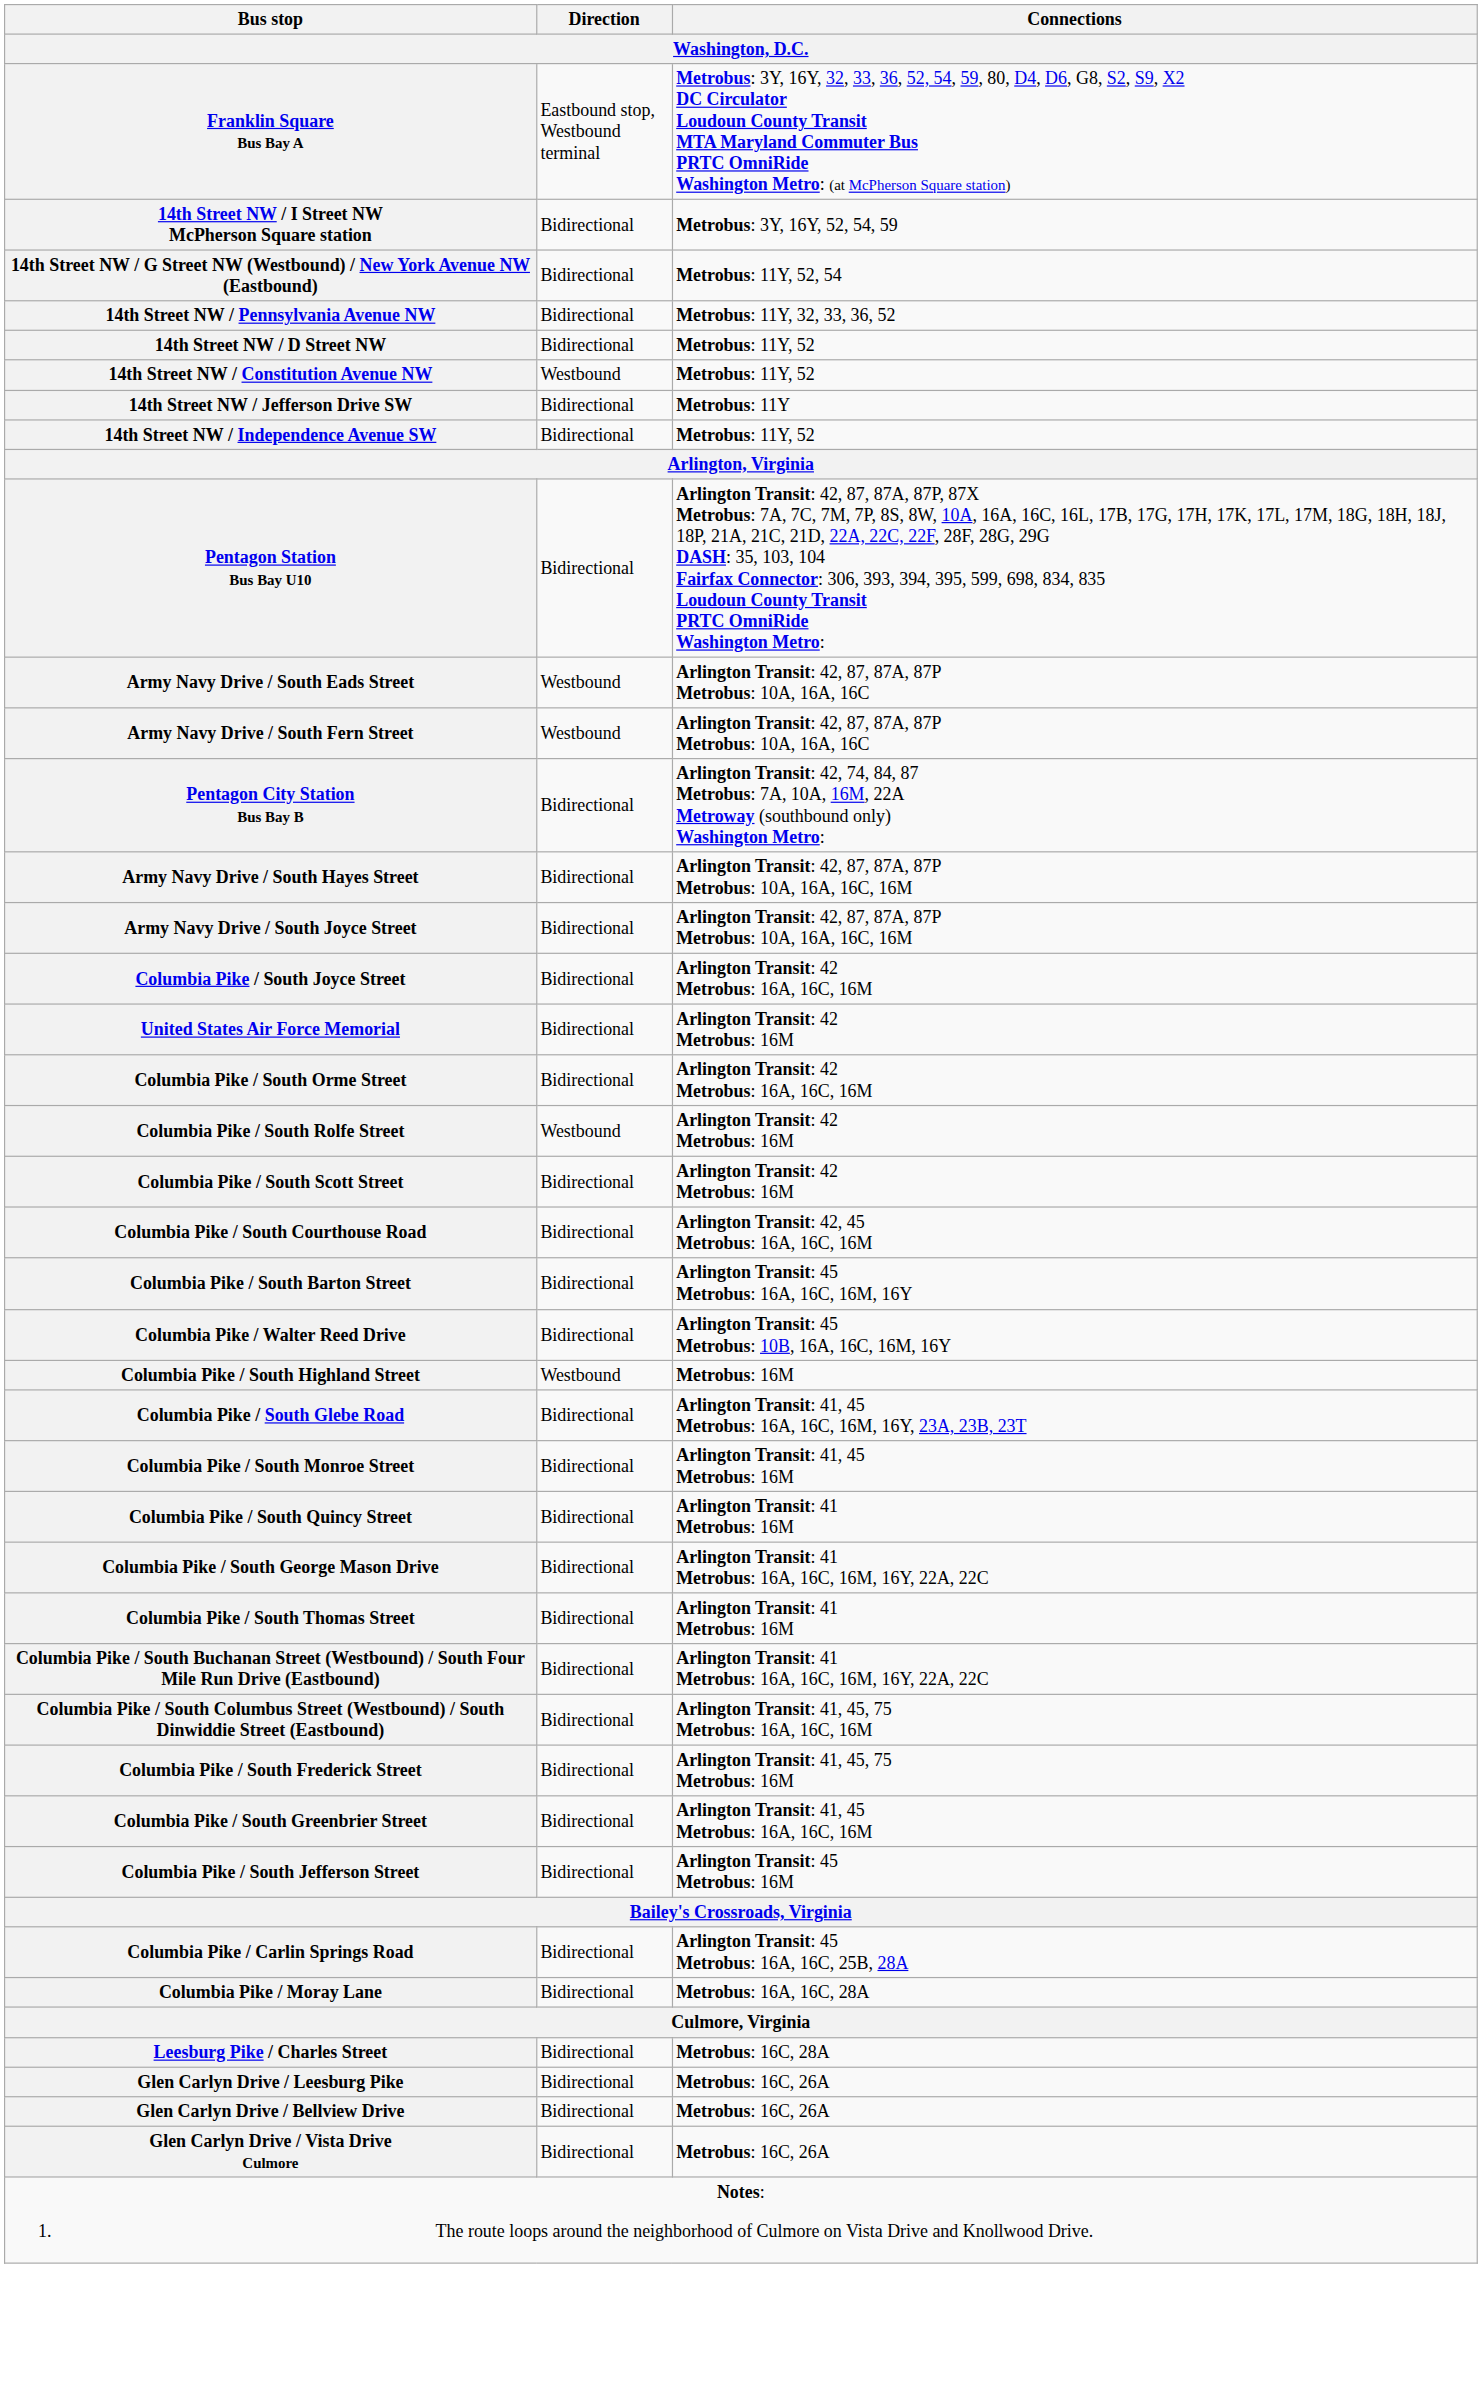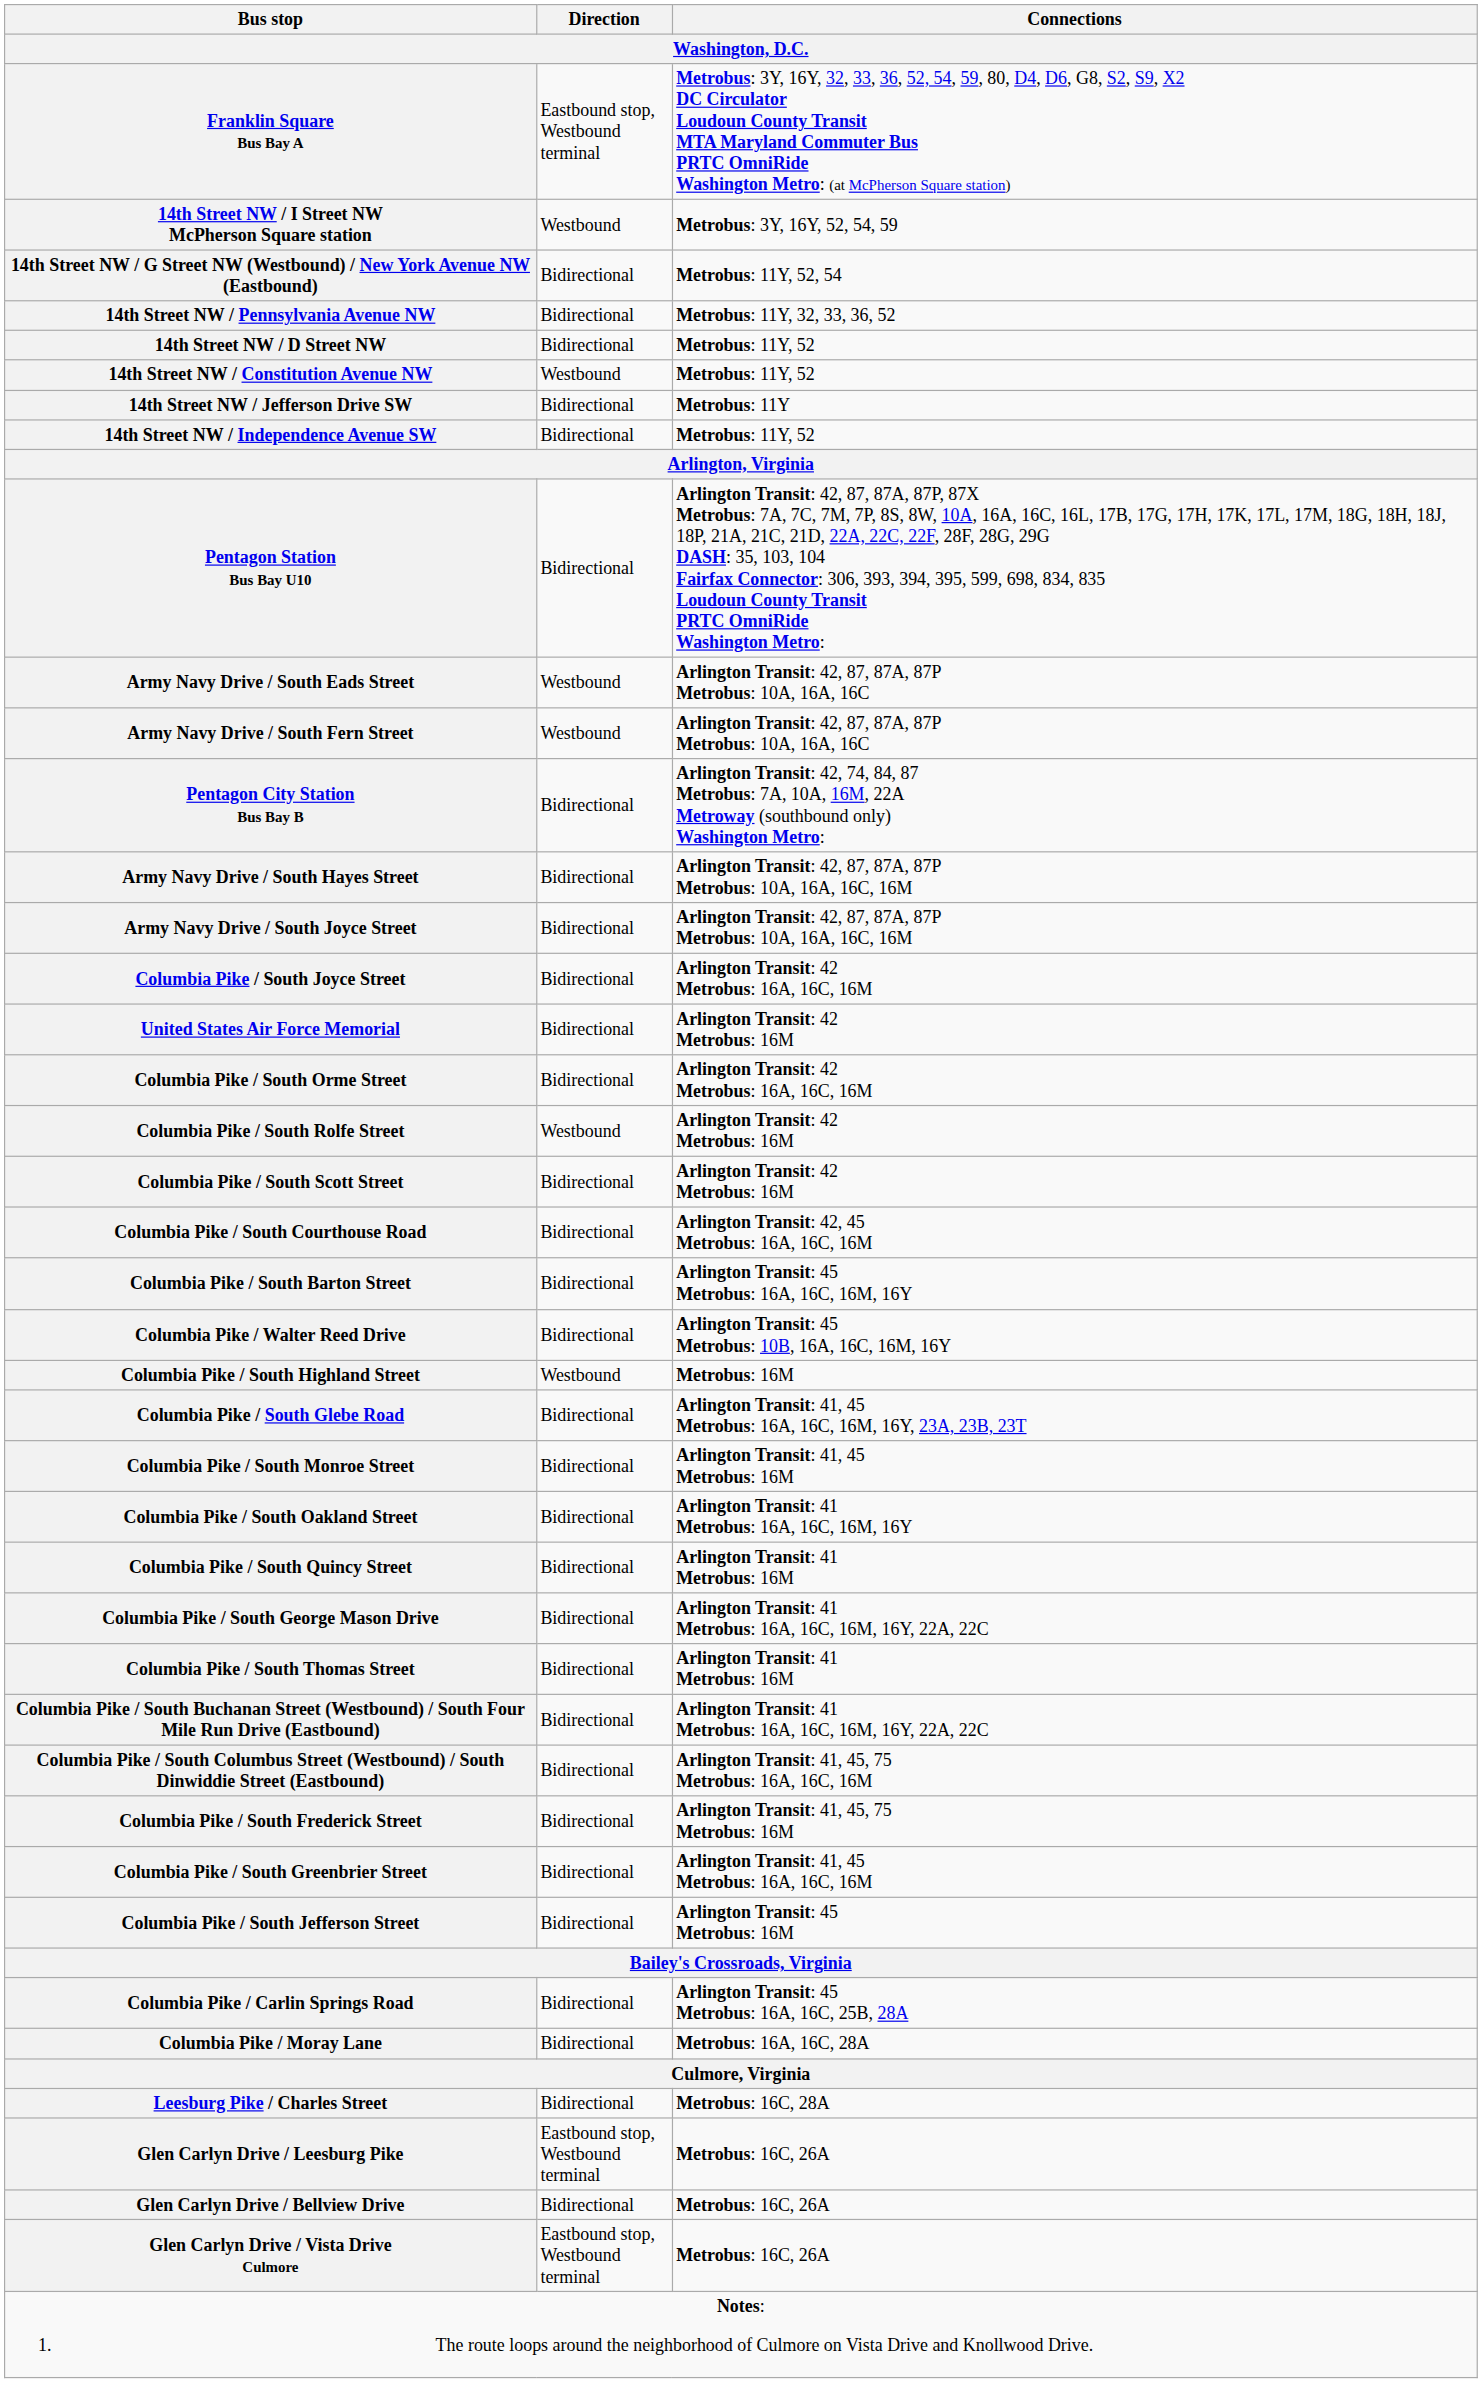 <table class="wikitable collapsible collapsed" style="font-size: 95%;">
 <tr>
 <th>Bus stop</th>
 <th>Direction</th>
 <th>Connections</th>
 </tr>
 <tr>
 <th colspan="3"><a href='#'>Washington, D.C.</a></th>
 </tr>
 <tr>
 <th><a href='#'>Franklin Square</a><br><small>Bus Bay A</small></th>
 <td>Eastbound stop,<br>Westbound terminal</td>
 <td> <strong><a href='#'>Metrobus</a></strong>: 3Y, 16Y, <a href='#'>32</a>, <a href='#'>33</a>, <a href='#'>36</a>, <a href='#'>52, 54</a>, <a href='#'>59</a>, 80, <a href='#'>D4</a>, <a href='#'>D6</a>, G8, <a href='#'>S2</a>, <a href='#'>S9</a>, <a href='#'>X2</a><br>  <strong><a href='#'>DC Circulator</a></strong><br>  <strong><a href='#'>Loudoun County Transit</a></strong><br>  <strong><a href='#'>MTA Maryland Commuter Bus</a></strong><br>  <strong><a href='#'>PRTC OmniRide</a></strong><br> <strong><a href='#'>Washington Metro</a></strong>:    <small>(at <a href='#'>McPherson Square station</a>)</small><br></td>
 </tr>
 <tr>
 <th><a href='#'>14th Street NW</a> / I Street NW<br>McPherson Square station</th>
-<td>Bidirectional</td>
+<td>Westbound</td>
 <td> <strong>Metrobus</strong>: 3Y, 16Y, 52, 54, 59</td>
 </tr>
 <tr>
 <th>14th Street NW / G Street NW (Westbound) / <a href='#'>New York Avenue NW</a> (Eastbound)</th>
 <td>Bidirectional</td>
 <td> <strong>Metrobus</strong>: 11Y, 52, 54</td>
 </tr>
 <tr>
 <th>14th Street NW / <a href='#'>Pennsylvania Avenue NW</a></th>
 <td>Bidirectional</td>
 <td> <strong>Metrobus</strong>: 11Y, 32, 33, 36, 52</td>
 </tr>
 <tr>
 <th>14th Street NW / D Street NW</th>
 <td>Bidirectional</td>
 <td> <strong>Metrobus</strong>: 11Y, 52</td>
 </tr>
 <tr>
 <th>14th Street NW / <a href='#'>Constitution Avenue NW</a></th>
 <td>Westbound</td>
 <td> <strong>Metrobus</strong>: 11Y, 52</td>
 </tr>
 <tr>
 <th>14th Street NW / Jefferson Drive SW</th>
 <td>Bidirectional</td>
 <td> <strong>Metrobus</strong>: 11Y</td>
 </tr>
 <tr>
 <th>14th Street NW / <a href='#'>Independence Avenue SW</a></th>
 <td>Bidirectional</td>
 <td> <strong>Metrobus</strong>: 11Y, 52</td>
 </tr>
 <tr>
 <th colspan="3"><a href='#'>Arlington, Virginia</a></th>
 </tr>
 <tr>
 <th><a href='#'>Pentagon Station</a><br><small>Bus Bay U10</small></th>
 <td>Bidirectional</td>
 <td> <strong>Arlington Transit</strong>: 42, 87, 87A, 87P, 87X<br> <strong>Metrobus</strong>: 7A, 7C, 7M, 7P, 8S, 8W, <a href='#'>10A</a>, 16A, 16C, 16L, 17B, 17G, 17H, 17K, 17L, 17M, 18G, 18H, 18J, 18P, 21A, 21C, 21D, <a href='#'>22A, 22C, 22F</a>, 28F, 28G, 29G<br> <strong><a href='#'>DASH</a></strong>: 35, 103, 104<br> <strong><a href='#'>Fairfax Connector</a></strong>: 306, 393, 394, 395, 599, 698, 834, 835<br> <strong><a href='#'>Loudoun County Transit</a></strong><br> <strong><a href='#'>PRTC OmniRide</a></strong><br> <strong><a href='#'>Washington Metro</a></strong>:  </td>
 </tr>
 <tr>
 <th>Army Navy Drive / South Eads Street</th>
 <td>Westbound</td>
 <td> <strong>Arlington Transit</strong>: 42, 87, 87A, 87P<br> <strong>Metrobus</strong>: 10A, 16A, 16C</td>
 </tr>
 <tr>
 <th>Army Navy Drive / South Fern Street</th>
 <td>Westbound</td>
 <td> <strong>Arlington Transit</strong>: 42, 87, 87A, 87P<br> <strong>Metrobus</strong>: 10A, 16A, 16C</td>
 </tr>
 <tr>
 <th><a href='#'>Pentagon City Station</a><br><small>Bus Bay B</small></th>
 <td>Bidirectional</td>
 <td> <strong>Arlington Transit</strong>: 42, 74, 84, 87<br> <strong>Metrobus</strong>: 7A, 10A, <a href='#'>16M</a>, 22A<br> <strong><a href='#'>Metroway</a></strong> (southbound only)<br> <strong><a href='#'>Washington Metro</a></strong>:  </td>
 </tr>
 <tr>
 <th>Army Navy Drive / South Hayes Street</th>
 <td>Bidirectional</td>
 <td> <strong>Arlington Transit</strong>: 42, 87, 87A, 87P<br> <strong>Metrobus</strong>: 10A, 16A, 16C, 16M</td>
 </tr>
 <tr>
 <th>Army Navy Drive / South Joyce Street</th>
 <td>Bidirectional</td>
 <td> <strong>Arlington Transit</strong>: 42, 87, 87A, 87P<br> <strong>Metrobus</strong>: 10A, 16A, 16C, 16M</td>
 </tr>
 <tr>
 <th><a href='#'>Columbia Pike</a> / South Joyce Street</th>
 <td>Bidirectional</td>
 <td> <strong>Arlington Transit</strong>: 42<br> <strong>Metrobus</strong>: 16A, 16C, 16M</td>
 </tr>
 <tr>
 <th><a href='#'>United States Air Force Memorial</a></th>
 <td>Bidirectional</td>
 <td> <strong>Arlington Transit</strong>: 42<br> <strong>Metrobus</strong>: 16M</td>
 </tr>
 <tr>
 <th>Columbia Pike / South Orme Street</th>
 <td>Bidirectional</td>
 <td> <strong>Arlington Transit</strong>: 42<br> <strong>Metrobus</strong>: 16A, 16C, 16M</td>
 </tr>
 <tr>
 <th>Columbia Pike / South Rolfe Street</th>
 <td>Westbound</td>
 <td> <strong>Arlington Transit</strong>: 42<br> <strong>Metrobus</strong>: 16M</td>
 </tr>
 <tr>
 <th>Columbia Pike / South Scott Street</th>
 <td>Bidirectional</td>
 <td> <strong>Arlington Transit</strong>: 42<br> <strong>Metrobus</strong>: 16M</td>
 </tr>
 <tr>
 <th>Columbia Pike / South Courthouse Road</th>
 <td>Bidirectional</td>
 <td> <strong>Arlington Transit</strong>: 42, 45<br> <strong>Metrobus</strong>: 16A, 16C, 16M</td>
 </tr>
 <tr>
 <th>Columbia Pike / South Barton Street</th>
 <td>Bidirectional</td>
 <td> <strong>Arlington Transit</strong>: 45<br> <strong>Metrobus</strong>: 16A, 16C, 16M, 16Y</td>
 </tr>
 <tr>
 <th>Columbia Pike / Walter Reed Drive</th>
 <td>Bidirectional</td>
 <td> <strong>Arlington Transit</strong>: 45<br> <strong>Metrobus</strong>: <a href='#'>10B</a>, 16A, 16C, 16M, 16Y</td>
 </tr>
 <tr>
 <th>Columbia Pike / South Highland Street</th>
 <td>Westbound</td>
 <td> <strong>Metrobus</strong>: 16M</td>
 </tr>
 <tr>
 <th>Columbia Pike / <a href='#'>South Glebe Road</a></th>
 <td>Bidirectional</td>
 <td> <strong>Arlington Transit</strong>: 41, 45<br> <strong>Metrobus</strong>: 16A, 16C, 16M, 16Y, <a href='#'>23A, 23B, 23T</a></td>
 </tr>
 <tr>
 <th>Columbia Pike / South Monroe Street</th>
 <td>Bidirectional</td>
 <td> <strong>Arlington Transit</strong>: 41, 45<br> <strong>Metrobus</strong>: 16M</td>
 </tr>
 <tr>
+<th>Columbia Pike / South Oakland Street</th>
+<td>Bidirectional</td>
+<td> <strong>Arlington Transit</strong>: 41<br> <strong>Metrobus</strong>: 16A, 16C, 16M, 16Y</td>
+</tr>
+<tr>
 <th>Columbia Pike / South Quincy Street</th>
 <td>Bidirectional</td>
 <td> <strong>Arlington Transit</strong>: 41<br> <strong>Metrobus</strong>: 16M</td>
 </tr>
 <tr>
 <th>Columbia Pike / South George Mason Drive</th>
 <td>Bidirectional</td>
 <td> <strong>Arlington Transit</strong>: 41<br> <strong>Metrobus</strong>: 16A, 16C, 16M, 16Y, 22A, 22C</td>
 </tr>
 <tr>
 <th>Columbia Pike / South Thomas Street</th>
 <td>Bidirectional</td>
 <td> <strong>Arlington Transit</strong>: 41<br> <strong>Metrobus</strong>: 16M</td>
 </tr>
 <tr>
 <th>Columbia Pike / South Buchanan Street (Westbound) / South Four Mile Run Drive (Eastbound)</th>
 <td>Bidirectional</td>
 <td> <strong>Arlington Transit</strong>: 41<br> <strong>Metrobus</strong>: 16A, 16C, 16M, 16Y, 22A, 22C</td>
 </tr>
 <tr>
 <th>Columbia Pike / South Columbus Street (Westbound) / South Dinwiddie Street (Eastbound)</th>
 <td>Bidirectional</td>
 <td> <strong>Arlington Transit</strong>: 41, 45, 75<br> <strong>Metrobus</strong>: 16A, 16C, 16M</td>
 </tr>
 <tr>
 <th>Columbia Pike / South Frederick Street</th>
 <td>Bidirectional</td>
 <td> <strong>Arlington Transit</strong>: 41, 45, 75<br> <strong>Metrobus</strong>: 16M</td>
 </tr>
 <tr>
 <th>Columbia Pike / South Greenbrier Street</th>
 <td>Bidirectional</td>
 <td> <strong>Arlington Transit</strong>: 41, 45<br> <strong>Metrobus</strong>: 16A, 16C, 16M</td>
 </tr>
 <tr>
 <th>Columbia Pike / South Jefferson Street</th>
 <td>Bidirectional</td>
 <td> <strong>Arlington Transit</strong>: 45<br> <strong>Metrobus</strong>: 16M</td>
 </tr>
 <tr>
 <th colspan="3"><a href='#'>Bailey's Crossroads, Virginia</a></th>
 </tr>
 <tr>
 <th>Columbia Pike / Carlin Springs Road</th>
 <td>Bidirectional</td>
 <td> <strong>Arlington Transit</strong>: 45<br> <strong>Metrobus</strong>: 16A, 16C,  25B, <a href='#'>28A</a></td>
 </tr>
 <tr>
 <th>Columbia Pike / Moray Lane</th>
 <td>Bidirectional</td>
 <td> <strong>Metrobus</strong>: 16A, 16C, 28A</td>
 </tr>
 <tr>
 <th colspan="3">Culmore, Virginia</th>
 </tr>
 <tr>
 <th><a href='#'>Leesburg Pike</a> / Charles Street</th>
 <td>Bidirectional</td>
 <td> <strong>Metrobus</strong>: 16C, 28A</td>
 </tr>
 <tr>
 <th>Glen Carlyn Drive / Leesburg Pike</th>
-<td>Bidirectional</td>
+<td>Eastbound stop,<br>Westbound terminal</td>
 <td> <strong>Metrobus</strong>: 16C, 26A</td>
 </tr>
 <tr>
 <th>Glen Carlyn Drive / Bellview Drive</th>
 <td>Bidirectional</td>
 <td> <strong>Metrobus</strong>: 16C, 26A</td>
 </tr>
 <tr>
 <th>Glen Carlyn Drive / Vista Drive<br><small>Culmore</small></th>
-<td>Bidirectional</td>
+<td>Eastbound stop,<br> Westbound terminal</td>
 <td> <strong>Metrobus</strong>: 16C, 26A</td>
 </tr>
 <tr>
 <td colspan="3" style="text-align:center;"><strong>Notes</strong>:<br><ol><li>The route loops around the neighborhood of Culmore on Vista Drive and Knollwood Drive.</li></ol></td>
 </tr>
 </table>
